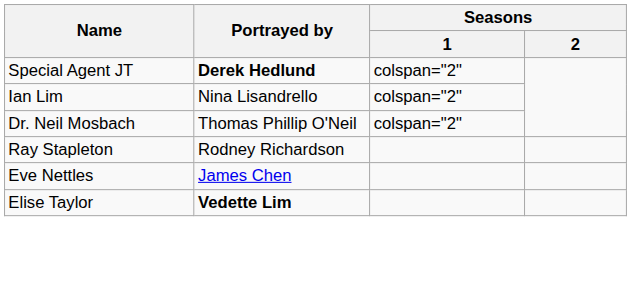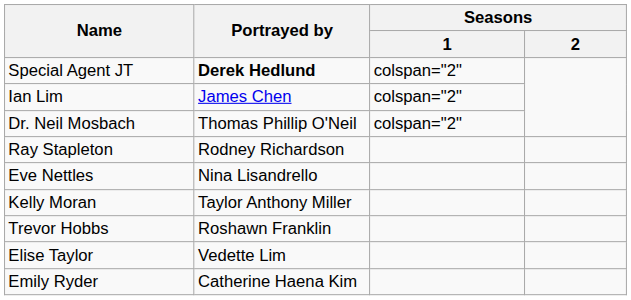 <table class="wikitable plainrowheaders" style="width:96%;">
 <tr>
 <th scope="col" style="width:13%;" rowspan="2">Name</th>
 <th scope="col" style="width:10%;" rowspan="2">Portrayed by</th>
 <th scope="col" style="width:40%;" colspan="2">Seasons</th>
 </tr>
 <tr>
 <th scope="col" style="width:7%;">1</th>
 <th scope="col" style="width:7%;">2</th>
 </tr>
 <tr>
 <td scope="row">Special Agent JT</td>
 <td><strong>Derek Hedlund</strong></td>
 <td>colspan="2" </td>
 </tr>
 <tr>
 <td scope="row">Ian Lim</td>
-<td>Nina Lisandrello</td>
+<td><a href='#'>James Chen</a></td>
 <td>colspan="2" </td>
 </tr>
 <tr>
 <td scope="row">Dr. Neil Mosbach</td>
 <td>Thomas Phillip O'Neil</td>
 <td>colspan="2" </td>
 </tr>
 <tr>
 <td scope="row">Ray Stapleton</td>
 <td>Rodney Richardson</td>
 <td></td>
 <td></td>
 </tr>
 <tr>
 <td scope="row">Eve Nettles</td>
-<td><a href='#'>James Chen</a></td>
+<td>Nina Lisandrello</td>
+<td></td>
+<td></td>
+</tr>
+<tr>
+<td scope="row">Kelly Moran</td>
+<td>Taylor Anthony Miller</td>
+<td></td>
+<td></td>
+</tr>
+<tr>
+<td scope="row">Trevor Hobbs</td>
+<td>Roshawn Franklin</td>
 <td></td>
 <td></td>
 </tr>
 <tr>
 <td scope="row">Elise Taylor</td>
-<td><strong>Vedette Lim</strong></td>
+<td>Vedette Lim</td>
+<td></td>
+<td></td>
+</tr>
+<tr>
+<td scope="row">Emily Ryder</td>
+<td>Catherine Haena Kim</td>
 <td></td>
 <td></td>
 </tr>
 </table>
